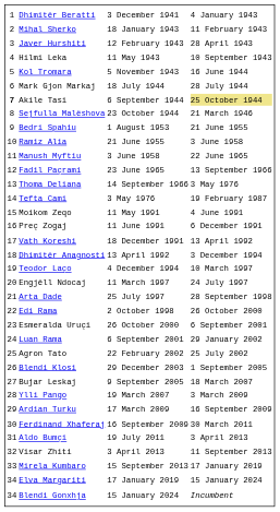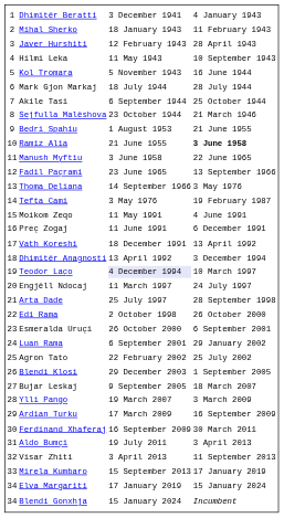 <table cellpadding="0" cellspacing="3" style="border:1px solid #000000; font-size:88%; line-height: 1.5em;">
 <tr>
 <td><strong></strong></td>
 <td><strong></strong></td>
 <td colspan="2"></td>
 </tr>
 <tr>
 <td align="center">1</td>
 <td><a href='#'>Dhimitër Beratti</a></td>
 <td>3 December 1941</td>
 <td>4 January 1943</td>
 </tr>
 <tr>
 <td align="center">2</td>
 <td><a href='#'>Mihal Sherko</a></td>
 <td>18 January 1943</td>
 <td>11 February 1943</td>
 </tr>
 <tr>
 <td align="center">3</td>
 <td><a href='#'>Javer Hurshiti</a></td>
 <td>12 February 1943</td>
 <td>28 April 1943</td>
 </tr>
 <tr>
 <td align="center">4</td>
 <td>Hilmi Leka</td>
 <td>11 May 1943</td>
 <td>10 September 1943</td>
 </tr>
 <tr>
 <td align="center">5</td>
 <td><a href='#'>Kol Tromara</a></td>
 <td>5 November 1943</td>
 <td>16 June 1944</td>
 </tr>
 <tr>
 <td align="center">6</td>
 <td>Mark Gjon Markaj</td>
 <td>18 July 1944</td>
 <td>28 July 1944</td>
 </tr>
 <tr>
-<td align="center"><strong>7</strong></td>
+<td align="center">7</td>
 <td>Akile Tasi</td>
 <td>6 September 1944</td>
-<td style="background: khaki;">25 October 1944</td>
+<td>25 October 1944</td>
 </tr>
 <tr>
 <td align="center">8</td>
 <td><a href='#'>Sejfulla Malëshova</a></td>
 <td>23 October 1944</td>
 <td>21 March 1946</td>
 </tr>
 <tr>
 <td align="center">9</td>
 <td><a href='#'>Bedri Spahiu</a></td>
 <td>1 August 1953</td>
 <td>21 June 1955</td>
 </tr>
 <tr>
 <td align="center">10</td>
 <td><a href='#'>Ramiz Alia</a></td>
 <td>21 June 1955</td>
-<td>3 June 1958</td>
+<td><strong>3 June 1958</strong></td>
 </tr>
 <tr>
 <td align="center">11</td>
 <td><a href='#'>Manush Myftiu</a></td>
 <td>3 June 1958</td>
 <td>22 June 1965</td>
 </tr>
 <tr>
 <td align="center">12</td>
 <td><a href='#'>Fadil Paçrami</a></td>
 <td>23 June 1965</td>
 <td>13 September 1966</td>
 </tr>
 <tr>
 <td align="center">13</td>
 <td><a href='#'>Thoma Deliana</a></td>
 <td>14 September 1966</td>
 <td>3 May 1976</td>
 </tr>
 <tr>
 <td align="center">14</td>
 <td><a href='#'>Tefta Cami</a></td>
 <td>3 May 1976</td>
 <td>19 February 1987</td>
 </tr>
 <tr>
 <td align="center">15</td>
 <td>Moikom Zeqo</td>
 <td>11 May 1991</td>
 <td>4 June 1991</td>
 </tr>
 <tr>
 <td align="center">16</td>
 <td>Preç Zogaj</td>
 <td>11 June 1991</td>
 <td>6 December 1991</td>
 </tr>
 <tr>
 <td align="center">17</td>
 <td><a href='#'>Vath Koreshi</a></td>
 <td>18 December 1991</td>
 <td>13 April 1992</td>
 </tr>
 <tr>
 <td align="center">18</td>
 <td><a href='#'>Dhimitër Anagnosti</a></td>
 <td>13 April 1992</td>
 <td>3 December 1994</td>
 </tr>
 <tr>
 <td align="center">19</td>
 <td><a href='#'>Teodor Laço</a></td>
-<td>4 December 1994</td>
+<td style="background: lavender;">4 December 1994</td>
 <td>10 March 1997</td>
 </tr>
 <tr>
 <td align="center">20</td>
 <td>Engjëll Ndocaj</td>
 <td>11 March 1997</td>
 <td>24 July 1997</td>
 </tr>
 <tr>
 <td align="center">21</td>
 <td><a href='#'>Arta Dade</a></td>
 <td>25 July 1997</td>
 <td>28 September 1998</td>
 </tr>
 <tr>
 <td align="center">22</td>
 <td><a href='#'>Edi Rama</a></td>
 <td>2 October 1998</td>
 <td>26 October 2000</td>
 </tr>
 <tr>
 <td align="center">23</td>
 <td>Esmeralda Uruçi</td>
 <td>26 October 2000</td>
 <td>6 September 2001</td>
 </tr>
 <tr>
 <td align="center">24</td>
 <td><a href='#'>Luan Rama</a></td>
 <td>6 September 2001</td>
 <td>29 January 2002</td>
 </tr>
 <tr>
 <td align="center">25</td>
 <td>Agron Tato</td>
 <td>22 February 2002</td>
 <td>25 July 2002</td>
 </tr>
 <tr>
 <td align="center">26</td>
 <td><a href='#'>Blendi Klosi</a></td>
 <td>29 December 2003</td>
 <td>1 September 2005</td>
 </tr>
 <tr>
 <td align="center">27</td>
 <td>Bujar Leskaj</td>
 <td>9 September 2005</td>
 <td>18 March 2007</td>
 </tr>
 <tr>
 <td align="center">28</td>
 <td><a href='#'>Ylli Pango</a></td>
 <td>19 March 2007</td>
 <td>3 March 2009</td>
 </tr>
 <tr>
 <td align="center">29</td>
 <td><a href='#'>Ardian Turku</a></td>
 <td>17 March 2009</td>
 <td>16 September 2009</td>
 </tr>
 <tr>
 <td align="center">30</td>
 <td><a href='#'>Ferdinand Xhaferaj</a></td>
 <td>16 September 2009</td>
 <td>30 March 2011</td>
 </tr>
 <tr>
 <td align="center">31</td>
 <td><a href='#'>Aldo Bumçi</a></td>
 <td>19 July 2011</td>
 <td>3 April 2013</td>
 </tr>
 <tr>
 <td align="center">32</td>
 <td>Visar Zhiti</td>
 <td>3 April 2013</td>
 <td>11 September 2013</td>
 </tr>
 <tr>
 <td align="center">33</td>
 <td><a href='#'>Mirela Kumbaro</a></td>
 <td>15 September 2013</td>
 <td>17 January 2019</td>
 </tr>
 <tr>
 <td align="center">34</td>
 <td><a href='#'>Elva Margariti</a></td>
 <td>17 January 2019</td>
 <td>15 January 2024</td>
 </tr>
 <tr>
 </tr>
 <tr>
 <td align="center">34</td>
 <td><a href='#'>Blendi Gonxhja</a></td>
 <td>15 January 2024</td>
 <td><em>Incumbent</em></td>
 </tr>
 <tr>
 </tr>
 </table>
